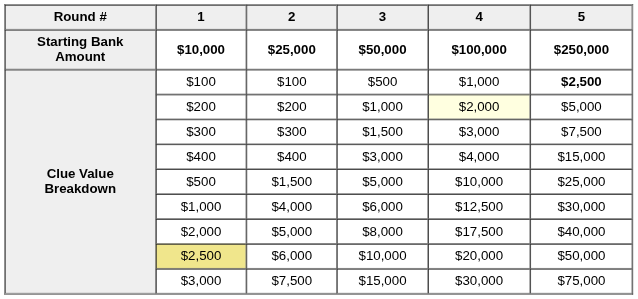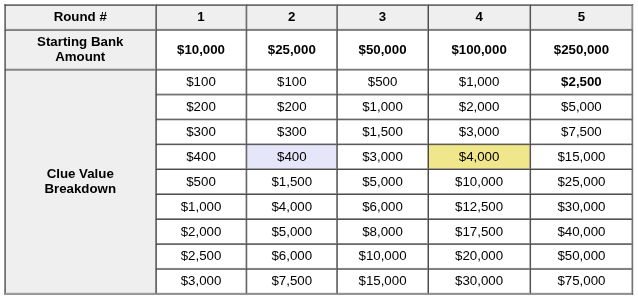 <table border="1" cellpadding="5" cellspacing="0" style="text-align: center;" width="60%">
 <tr>
 <th scope="col" style="background:#efefef;">Round #</th>
 <th scope="col" style="background:#efefef;">1</th>
 <th scope="col" style="background:#efefef;">2</th>
 <th scope="col" style="background:#efefef;">3</th>
 <th scope="col" style="background:#efefef;">4</th>
 <th scope="col" style="background:#efefef;">5</th>
 </tr>
 <tr>
 <th scope="col" style="background:#efefef;">Starting Bank<br>Amount</th>
 <td><strong>$10,000</strong></td>
 <td><strong>$25,000</strong></td>
 <td><strong>$50,000</strong></td>
 <td><strong>$100,000</strong></td>
 <td><strong>$250,000</strong></td>
 </tr>
 <tr>
 <th rowspan="9" scope="col" style="background:#efefef;">Clue Value<br>Breakdown</th>
 <td>$100</td>
 <td>$100</td>
 <td>$500</td>
 <td>$1,000</td>
 <td><strong>$2,500</strong></td>
 </tr>
 <tr>
 <td>$200</td>
 <td>$200</td>
 <td>$1,000</td>
-<td style="background: lightyellow;">$2,000</td>
+<td>$2,000</td>
 <td>$5,000</td>
 </tr>
 <tr>
 <td>$300</td>
 <td>$300</td>
 <td>$1,500</td>
 <td>$3,000</td>
 <td>$7,500</td>
 </tr>
 <tr>
 <td>$400</td>
-<td>$400</td>
+<td style="background: lavender;">$400</td>
 <td>$3,000</td>
-<td>$4,000</td>
+<td style="background: khaki;">$4,000</td>
 <td>$15,000</td>
 </tr>
 <tr>
 <td>$500</td>
 <td>$1,500</td>
 <td>$5,000</td>
 <td>$10,000</td>
 <td>$25,000</td>
 </tr>
 <tr>
 <td>$1,000</td>
 <td>$4,000</td>
 <td>$6,000</td>
 <td>$12,500</td>
 <td>$30,000</td>
 </tr>
 <tr>
 <td>$2,000</td>
 <td>$5,000</td>
 <td>$8,000</td>
 <td>$17,500</td>
 <td>$40,000</td>
 </tr>
 <tr>
-<td style="background: khaki;">$2,500</td>
+<td>$2,500</td>
 <td>$6,000</td>
 <td>$10,000</td>
 <td>$20,000</td>
 <td>$50,000</td>
 </tr>
 <tr>
 <td>$3,000</td>
 <td>$7,500</td>
 <td>$15,000</td>
 <td>$30,000</td>
 <td>$75,000</td>
 </tr>
 </table>
